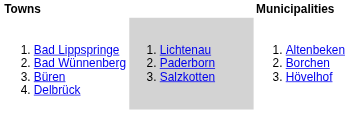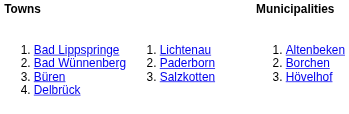 <table>
 <tr>
 <th colspan=2 align=left>Towns</th>
 <th align=left>Municipalities</th>
 </tr>
 <tr valign=top>
 <td width=33%><br><ol><li><a href='#'>Bad Lippspringe</a></li><li><a href='#'>Bad Wünnenberg</a></li><li><a href='#'>Büren</a></li><li><a href='#'>Delbrück</a></li></ol></td>
-<td width=33% style="background: lightgrey;"><br><ol> <li><a href='#'>Lichtenau</a> <li><a href='#'>Paderborn</a> <li><a href='#'>Salzkotten</a> </ol></td>
+<td width=33%><br><ol> <li><a href='#'>Lichtenau</a> <li><a href='#'>Paderborn</a> <li><a href='#'>Salzkotten</a> </ol></td>
 <td width=33%><br><ol><li><a href='#'>Altenbeken</a></li><li><a href='#'>Borchen</a></li><li><a href='#'>Hövelhof</a></li></ol></td>
 </tr>
 </table>
